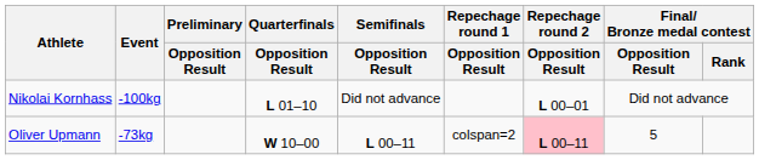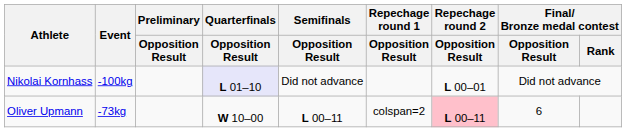 <table class= wikitable style="font-size:90%">
 <tr>
 <th rowspan="2">Athlete</th>
 <th rowspan="2">Event</th>
 <th>Preliminary</th>
 <th>Quarterfinals</th>
 <th>Semifinals</th>
 <th>Repechage <br>round 1</th>
 <th>Repechage <br>round 2</th>
 <th colspan=2>Final/<br>Bronze medal contest</th>
 </tr>
 <tr>
 <th>Opposition<br>Result</th>
 <th>Opposition<br>Result</th>
 <th>Opposition<br>Result</th>
 <th>Opposition<br>Result</th>
 <th>Opposition<br>Result</th>
 <th>Opposition<br>Result</th>
 <th>Rank</th>
 </tr>
 <tr align=center>
 <td align=left><a href='#'>Nikolai Kornhass</a></td>
 <td align=left><a href='#'>-100kg</a></td>
 <td></td>
-<td><br><strong>L</strong> 01–10</td>
+<td style="background: lavender;"><br><strong>L</strong> 01–10</td>
 <td>Did not advance</td>
 <td></td>
 <td><br><strong>L</strong> 00–01</td>
 <td colspan=2>Did not advance</td>
 </tr>
 <tr align=center>
 <td align=left><a href='#'>Oliver Upmann</a></td>
 <td align=left><a href='#'>-73kg</a></td>
 <td></td>
 <td><br><strong>W</strong> 10–00</td>
 <td><br><strong>L</strong> 00–11</td>
 <td>colspan=2</td>
 <td style="background: pink;"><br><strong>L</strong> 00–11</td>
-<td>5</td>
+<td>6</td>
 </tr>
 </table>
